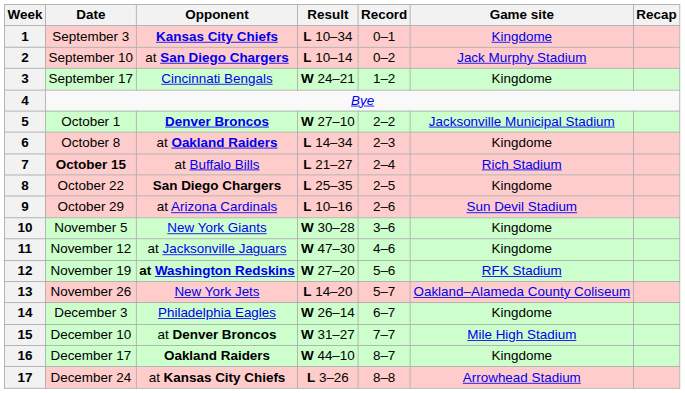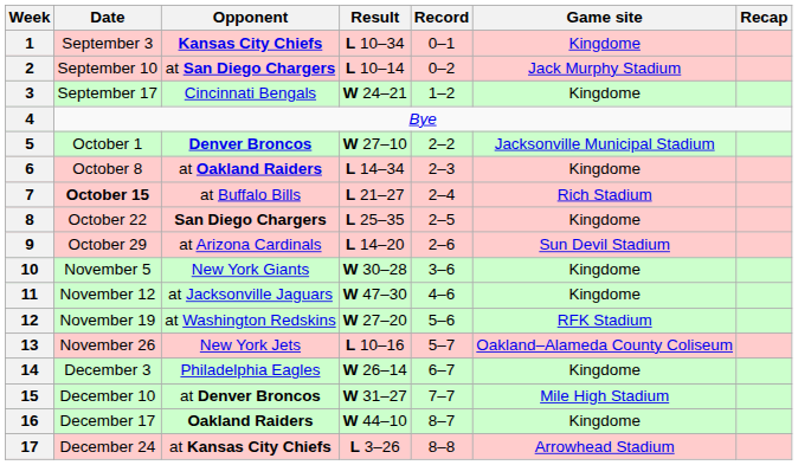 <table class="wikitable" style="text-align:center">
 <tr>
 <th>Week</th>
 <th>Date</th>
 <th>Opponent</th>
 <th>Result</th>
 <th>Record</th>
 <th>Game site</th>
 <th>Recap</th>
 </tr>
 <tr style="background:#fcc">
 <th>1</th>
 <td>September 3</td>
 <td><strong><a href='#'>Kansas City Chiefs</a></strong></td>
 <td><strong>L</strong> 10–34</td>
 <td>0–1</td>
 <td><a href='#'>Kingdome</a></td>
 <td></td>
 </tr>
 <tr style="background:#fcc">
 <th>2</th>
 <td>September 10</td>
 <td>at <strong><a href='#'>San Diego Chargers</a></strong></td>
 <td><strong>L</strong> 10–14</td>
 <td>0–2</td>
 <td><a href='#'>Jack Murphy Stadium</a></td>
 <td></td>
 </tr>
 <tr style="background:#cfc">
 <th>3</th>
 <td>September 17</td>
 <td><a href='#'>Cincinnati Bengals</a></td>
 <td><strong>W</strong> 24–21</td>
 <td>1–2</td>
 <td>Kingdome</td>
 <td></td>
 </tr>
 <tr>
 <th>4</th>
 <td colspan="6"><em><a href='#'>Bye</a></em></td>
 </tr>
 <tr style="background:#cfc">
 <th>5</th>
 <td>October 1</td>
 <td><strong><a href='#'>Denver Broncos</a></strong></td>
 <td><strong>W</strong> 27–10</td>
 <td>2–2</td>
 <td><a href='#'>Jacksonville Municipal Stadium</a></td>
 <td></td>
 </tr>
 <tr style="background:#fcc">
 <th>6</th>
 <td>October 8</td>
 <td>at <strong><a href='#'>Oakland Raiders</a></strong></td>
 <td><strong>L</strong> 14–34</td>
 <td>2–3</td>
 <td>Kingdome</td>
 <td></td>
 </tr>
 <tr style="background:#fcc">
 <th>7</th>
 <td><strong>October 15</strong></td>
 <td>at <a href='#'>Buffalo Bills</a></td>
 <td><strong>L</strong> 21–27</td>
 <td>2–4</td>
 <td><a href='#'>Rich Stadium</a></td>
 <td></td>
 </tr>
 <tr style="background:#fcc">
 <th>8</th>
 <td>October 22</td>
 <td><strong>San Diego Chargers</strong></td>
 <td><strong>L</strong> 25–35</td>
 <td>2–5</td>
 <td>Kingdome</td>
 <td></td>
 </tr>
 <tr style="background:#fcc">
 <th>9</th>
 <td>October 29</td>
 <td>at <a href='#'>Arizona Cardinals</a></td>
-<td><strong>L</strong> 10–16</td>
+<td><strong>L</strong> 14–20 </td>
 <td>2–6</td>
 <td><a href='#'>Sun Devil Stadium</a></td>
 <td></td>
 </tr>
 <tr style="background:#cfc">
 <th>10</th>
 <td>November 5</td>
 <td><a href='#'>New York Giants</a></td>
 <td><strong>W</strong> 30–28</td>
 <td>3–6</td>
 <td>Kingdome</td>
 <td></td>
 </tr>
 <tr style="background:#cfc">
 <th>11</th>
 <td>November 12</td>
 <td>at <a href='#'>Jacksonville Jaguars</a></td>
 <td><strong>W</strong> 47–30</td>
 <td>4–6</td>
 <td>Kingdome</td>
 <td></td>
 </tr>
 <tr style="background:#cfc">
 <th>12</th>
 <td>November 19</td>
-<td><strong>at <a href='#'>Washington Redskins</a></strong></td>
+<td>at <a href='#'>Washington Redskins</a></td>
 <td><strong>W</strong> 27–20</td>
 <td>5–6</td>
 <td><a href='#'>RFK Stadium</a></td>
 <td></td>
 </tr>
 <tr style="background:#fcc">
 <th>13</th>
 <td>November 26</td>
 <td><a href='#'>New York Jets</a></td>
-<td><strong>L</strong> 14–20 </td>
+<td><strong>L</strong> 10–16</td>
 <td>5–7</td>
 <td><a href='#'>Oakland–Alameda County Coliseum</a></td>
 <td></td>
 </tr>
 <tr style="background:#cfc">
 <th>14</th>
 <td>December 3</td>
 <td><a href='#'>Philadelphia Eagles</a></td>
 <td><strong>W</strong> 26–14</td>
 <td>6–7</td>
 <td>Kingdome</td>
 <td></td>
 </tr>
 <tr style="background:#cfc">
 <th>15</th>
 <td>December 10</td>
 <td>at <strong>Denver Broncos</strong></td>
 <td><strong>W</strong> 31–27</td>
 <td>7–7</td>
 <td><a href='#'>Mile High Stadium</a></td>
 <td></td>
 </tr>
 <tr style="background:#cfc">
 <th>16</th>
 <td>December 17</td>
 <td><strong>Oakland Raiders</strong></td>
 <td><strong>W</strong> 44–10</td>
 <td>8–7</td>
 <td>Kingdome</td>
 <td></td>
 </tr>
 <tr style="background:#fcc">
 <th>17</th>
 <td>December 24</td>
 <td>at <strong>Kansas City Chiefs</strong></td>
 <td><strong>L</strong> 3–26</td>
 <td>8–8</td>
 <td><a href='#'>Arrowhead Stadium</a></td>
 <td></td>
 </tr>
 </table>
